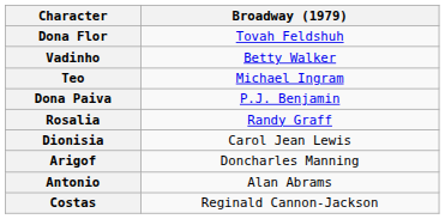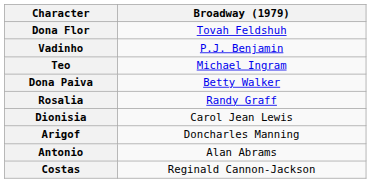 <table class="wikitable" style="width:50%; text-align:center">
 <tr>
 <th scope="col">Character</th>
 <th>Broadway (1979)</th>
 </tr>
 <tr>
 <th>Dona Flor</th>
 <td colspan="1"><a href='#'>Tovah Feldshuh</a></td>
 </tr>
 <tr>
 <th>Vadinho</th>
-<td colspan="1"><a href='#'>Betty Walker</a></td>
+<td colspan="1”"><a href='#'>P.J. Benjamin</a></td>
 </tr>
 <tr>
 <th>Teo</th>
 <td colspan="1”"><a href='#'>Michael Ingram</a></td>
 </tr>
 <tr>
 <th>Dona Paiva</th>
-<td colspan="1”"><a href='#'>P.J. Benjamin</a></td>
+<td colspan="1"><a href='#'>Betty Walker</a></td>
 </tr>
 <tr>
 <th>Rosalia</th>
 <td colspan="1"><a href='#'>Randy Graff</a></td>
 </tr>
 <tr>
 <th>Dionisia</th>
 <td colspan="1">Carol Jean Lewis</td>
 </tr>
 <tr>
 <th>Arigof</th>
 <td colspan="1">Doncharles Manning</td>
 </tr>
 <tr>
 <th>Antonio</th>
 <td colspan="1">Alan Abrams</td>
 </tr>
 <tr>
 <th>Costas</th>
 <td colspan="1">Reginald Cannon-Jackson</td>
 </tr>
 </table>
